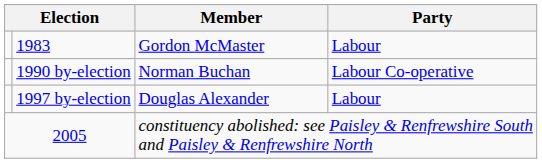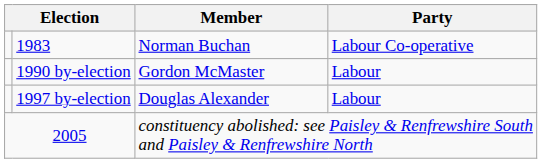 <table class="wikitable">
 <tr>
 <th colspan="2">Election</th>
 <th>Member</th>
 <th>Party</th>
 </tr>
 <tr>
 <td style="color:inherit;background-color: "></td>
 <td><a href='#'>1983</a></td>
-<td><a href='#'>Gordon McMaster</a></td>
-<td><a href='#'>Labour</a></td>
+<td><a href='#'>Norman Buchan</a></td>
+<td><a href='#'>Labour Co-operative</a></td>
 </tr>
 <tr>
 <td style="color:inherit;background-color: "></td>
 <td><a href='#'>1990 by-election</a></td>
-<td><a href='#'>Norman Buchan</a></td>
-<td><a href='#'>Labour Co-operative</a></td>
+<td><a href='#'>Gordon McMaster</a></td>
+<td><a href='#'>Labour</a></td>
 </tr>
 <tr>
 <td style="color:inherit;background-color: "></td>
 <td><a href='#'>1997 by-election</a></td>
 <td><a href='#'>Douglas Alexander</a></td>
 <td><a href='#'>Labour</a></td>
 </tr>
 <tr>
 <td colspan="2" align="center"><a href='#'>2005</a></td>
 <td colspan="2"><em>constituency abolished: see <a href='#'>Paisley & Renfrewshire South</a><br>and <a href='#'>Paisley & Renfrewshire North</a></em></td>
 </tr>
 </table>
